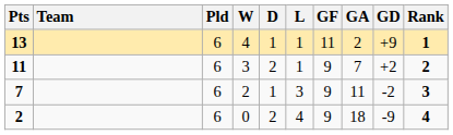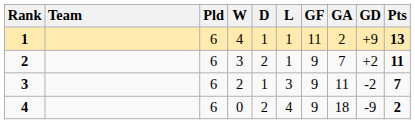 <table class="wikitable" style="text-align: center;">
 <tr>
-<th width=20>Pts</th>
+<th width=30>Rank</th>
 <th width=165 style="text-align:left;">Team</th>
 <th width=20>Pld</th>
 <th width=20>W</th>
 <th width=20>D</th>
 <th width=20>L</th>
 <th width=20>GF</th>
 <th width=20>GA</th>
 <th width=20>GD</th>
-<th width=30>Rank</th>
+<th width=20>Pts</th>
 </tr>
 <tr style="background:#ffebad;">
-<td><strong>13</strong></td>
+<td><strong>1</strong></td>
 <td style="text-align:left;"></td>
 <td>6</td>
 <td>4</td>
 <td>1</td>
 <td>1</td>
 <td>11</td>
 <td>2</td>
 <td>+9</td>
-<td><strong>1</strong></td>
+<td><strong>13</strong></td>
 </tr>
 <tr>
-<td><strong>11</strong></td>
+<td><strong>2</strong></td>
 <td style="text-align:left;"></td>
 <td>6</td>
 <td>3</td>
 <td>2</td>
 <td>1</td>
 <td>9</td>
 <td>7</td>
 <td>+2</td>
-<td><strong>2</strong></td>
+<td><strong>11</strong></td>
 </tr>
 <tr>
-<td><strong>7</strong></td>
+<td><strong>3</strong></td>
 <td style="text-align:left;"></td>
 <td>6</td>
 <td>2</td>
 <td>1</td>
 <td>3</td>
 <td>9</td>
 <td>11</td>
 <td>-2</td>
-<td><strong>3</strong></td>
+<td><strong>7</strong></td>
 </tr>
 <tr>
-<td><strong>2</strong></td>
+<td><strong>4</strong></td>
 <td style="text-align:left;"></td>
 <td>6</td>
 <td>0</td>
 <td>2</td>
 <td>4</td>
 <td>9</td>
 <td>18</td>
 <td>-9</td>
-<td><strong>4</strong></td>
+<td><strong>2</strong></td>
 </tr>
 </table>
